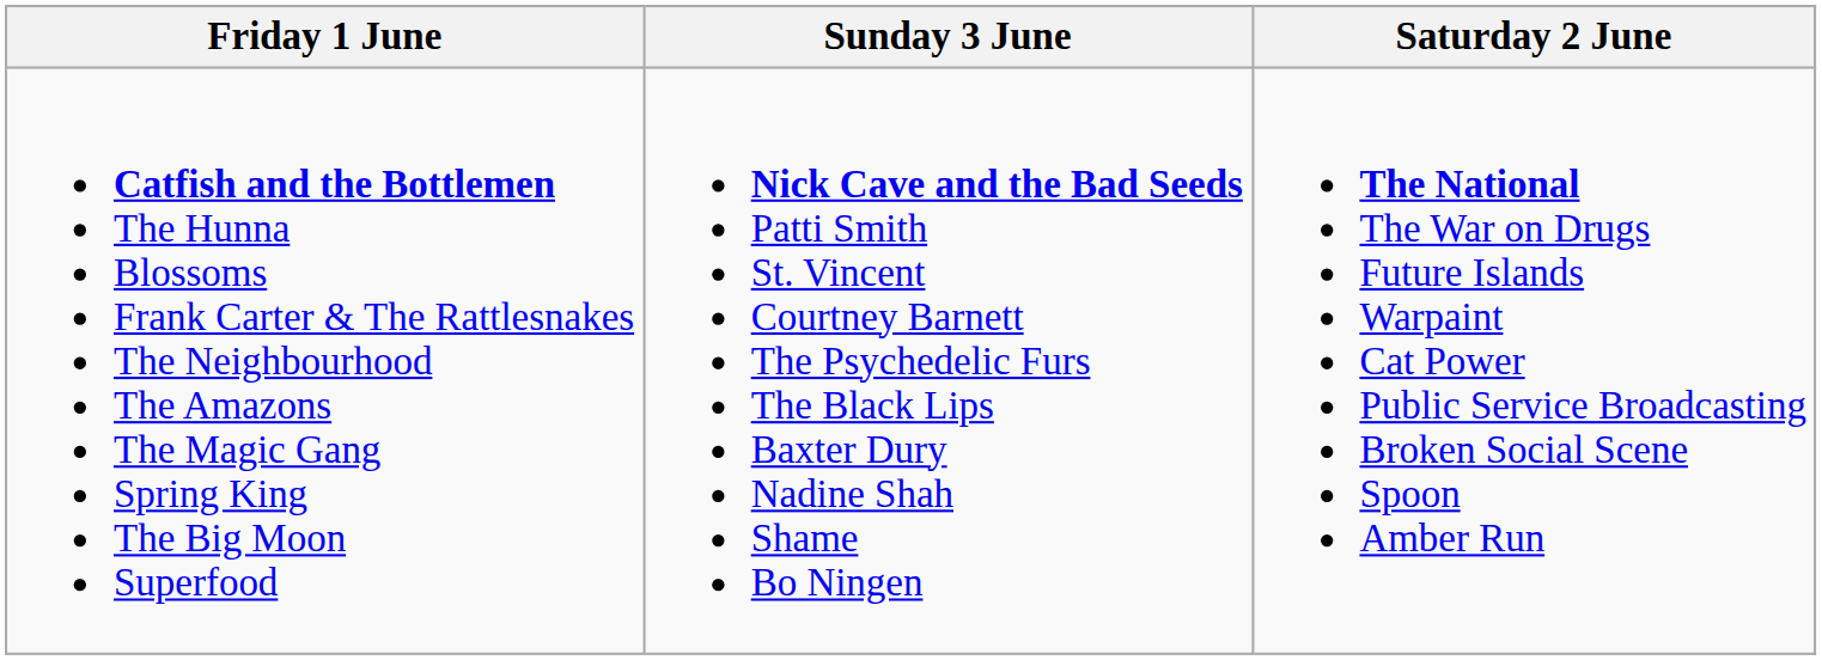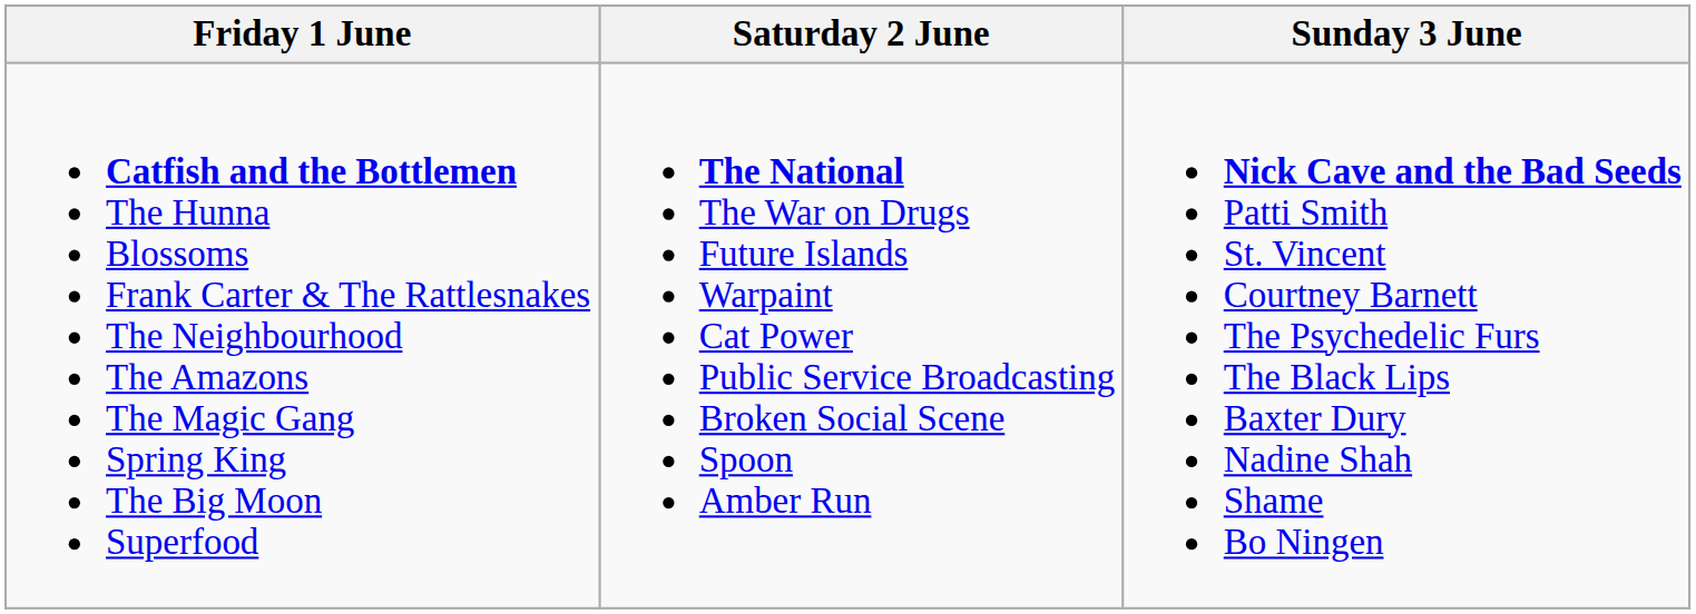 <table class="wikitable">
 <tr>
 <th>Friday 1 June</th>
+<th>Saturday 2 June</th>
 <th>Sunday 3 June</th>
-<th>Saturday 2 June</th>
 </tr>
 <tr>
 <td style="vertical-align:top;"><br><ul><li><strong><a href='#'>Catfish and the Bottlemen</a></strong></li><li><a href='#'>The Hunna</a></li><li><a href='#'>Blossoms</a></li><li><a href='#'>Frank Carter & The Rattlesnakes</a></li><li><a href='#'>The Neighbourhood</a></li><li><a href='#'>The Amazons</a></li><li><a href='#'>The Magic Gang</a></li><li><a href='#'>Spring King</a></li><li><a href='#'>The Big Moon</a></li><li><a href='#'>Superfood</a></li></ul></td>
+<td style="vertical-align:top;"><br><ul><li><strong><a href='#'>The National</a></strong></li><li><a href='#'>The War on Drugs</a></li><li><a href='#'>Future Islands</a></li><li><a href='#'>Warpaint</a></li><li><a href='#'>Cat Power</a></li><li><a href='#'>Public Service Broadcasting</a></li><li><a href='#'>Broken Social Scene</a></li><li><a href='#'>Spoon</a></li><li><a href='#'>Amber Run</a></li></ul></td>
 <td style="vertical-align:top;"><br><ul><li><strong><a href='#'>Nick Cave and the Bad Seeds</a></strong></li><li><a href='#'>Patti Smith</a></li><li><a href='#'>St. Vincent</a></li><li><a href='#'>Courtney Barnett</a></li><li><a href='#'>The Psychedelic Furs</a></li><li><a href='#'>The Black Lips</a></li><li><a href='#'>Baxter Dury</a></li><li><a href='#'>Nadine Shah</a></li><li><a href='#'>Shame</a></li><li><a href='#'>Bo Ningen</a></li></ul></td>
-<td style="vertical-align:top;"><br><ul><li><strong><a href='#'>The National</a></strong></li><li><a href='#'>The War on Drugs</a></li><li><a href='#'>Future Islands</a></li><li><a href='#'>Warpaint</a></li><li><a href='#'>Cat Power</a></li><li><a href='#'>Public Service Broadcasting</a></li><li><a href='#'>Broken Social Scene</a></li><li><a href='#'>Spoon</a></li><li><a href='#'>Amber Run</a></li></ul></td>
 </tr>
 </table>
